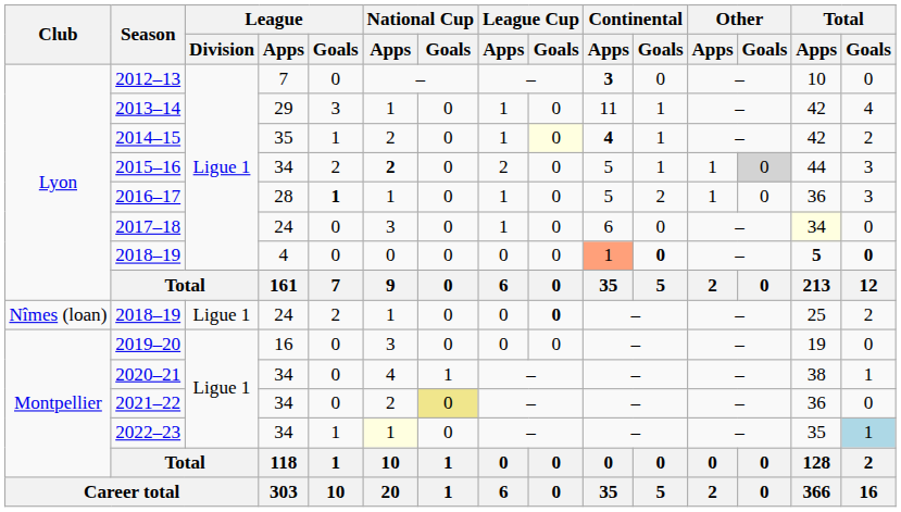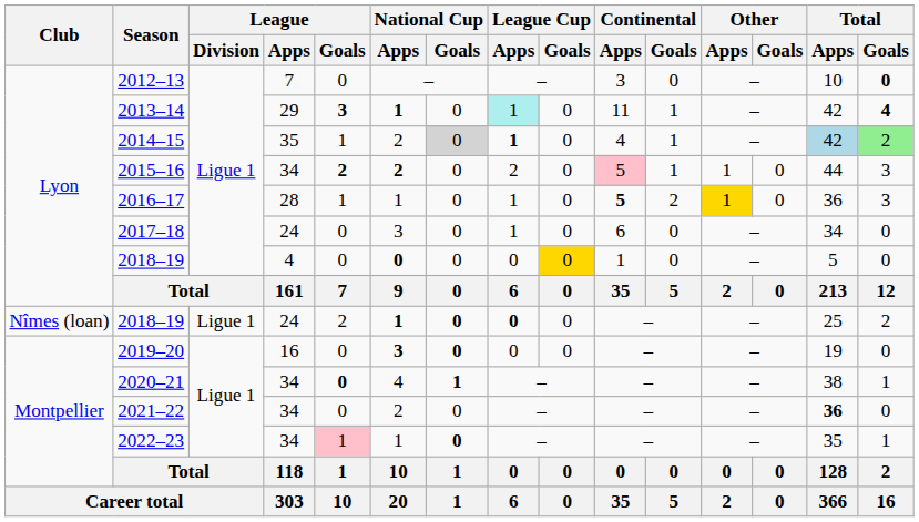 <table class="wikitable" style="text-align:center">
 <tr>
 <th rowspan="2">Club</th>
 <th rowspan="2">Season</th>
 <th colspan="3">League</th>
 <th colspan="2">National Cup</th>
 <th colspan="2">League Cup</th>
 <th colspan="2">Continental</th>
 <th colspan="2">Other</th>
 <th colspan="2">Total</th>
 </tr>
 <tr>
 <th>Division</th>
 <th>Apps</th>
 <th>Goals</th>
 <th>Apps</th>
 <th>Goals</th>
 <th>Apps</th>
 <th>Goals</th>
 <th>Apps</th>
 <th>Goals</th>
 <th>Apps</th>
 <th>Goals</th>
 <th>Apps</th>
 <th>Goals</th>
 </tr>
 <tr>
 <td rowspan="8"><a href='#'>Lyon</a></td>
 <td><a href='#'>2012–13</a></td>
 <td rowspan="7"><a href='#'>Ligue 1</a></td>
 <td>7</td>
 <td>0</td>
 <td colspan="2">–</td>
 <td colspan="2">–</td>
-<td><strong>3</strong></td>
+<td>3</td>
 <td>0</td>
 <td colspan="2">–</td>
 <td>10</td>
-<td>0</td>
+<td><strong>0</strong></td>
 </tr>
 <tr>
 <td><a href='#'>2013–14</a></td>
 <td>29</td>
-<td>3</td>
-<td>1</td>
+<td><strong>3</strong></td>
+<td><strong>1</strong></td>
 <td>0</td>
-<td>1</td>
+<td style="background: paleturquoise;">1</td>
 <td>0</td>
 <td>11</td>
 <td>1</td>
 <td colspan="2">–</td>
 <td>42</td>
-<td>4</td>
+<td><strong>4</strong></td>
 </tr>
 <tr>
 <td><a href='#'>2014–15</a></td>
 <td>35</td>
 <td>1</td>
 <td>2</td>
+<td style="background: lightgrey;">0</td>
+<td><strong>1</strong></td>
 <td>0</td>
-<td>1</td>
-<td style="background: lightyellow;">0</td>
-<td><strong>4</strong></td>
+<td>4</td>
 <td>1</td>
 <td colspan="2">–</td>
-<td>42</td>
-<td>2</td>
+<td style="background: lightblue;">42</td>
+<td style="background: lightgreen;">2</td>
 </tr>
 <tr>
 <td><a href='#'>2015–16</a></td>
 <td>34</td>
-<td>2</td>
+<td><strong>2</strong></td>
 <td><strong>2</strong></td>
 <td>0</td>
 <td>2</td>
 <td>0</td>
-<td>5</td>
+<td style="background: pink;">5</td>
 <td>1</td>
 <td>1</td>
-<td style="background: lightgrey;">0</td>
+<td>0</td>
 <td>44</td>
 <td>3</td>
 </tr>
 <tr>
 <td><a href='#'>2016–17</a></td>
 <td>28</td>
-<td><strong>1</strong></td>
+<td>1</td>
 <td>1</td>
 <td>0</td>
 <td>1</td>
 <td>0</td>
-<td>5</td>
+<td><strong>5</strong></td>
 <td>2</td>
-<td>1</td>
+<td style="background: gold;">1</td>
 <td>0</td>
 <td>36</td>
 <td>3</td>
 </tr>
 <tr>
 <td><a href='#'>2017–18</a></td>
 <td>24</td>
 <td>0</td>
 <td>3</td>
 <td>0</td>
 <td>1</td>
 <td>0</td>
 <td>6</td>
 <td>0</td>
 <td colspan="2">–</td>
-<td style="background: lightyellow;">34</td>
+<td>34</td>
 <td>0</td>
 </tr>
 <tr>
 <td><a href='#'>2018–19</a></td>
 <td>4</td>
 <td>0</td>
+<td><strong>0</strong></td>
 <td>0</td>
 <td>0</td>
+<td style="background: gold;">0</td>
+<td>1</td>
 <td>0</td>
+<td colspan="2">–</td>
+<td>5</td>
 <td>0</td>
-<td style="background: lightsalmon;">1</td>
-<td><strong>0</strong></td>
-<td colspan="2">–</td>
-<td><strong>5</strong></td>
-<td><strong>0</strong></td>
 </tr>
 <tr>
 <th colspan="2">Total</th>
 <th>161</th>
 <th>7</th>
 <th>9</th>
 <th>0</th>
 <th>6</th>
 <th>0</th>
 <th>35</th>
 <th>5</th>
 <th>2</th>
 <th>0</th>
 <th>213</th>
 <th>12</th>
 </tr>
 <tr>
 <td><a href='#'>Nîmes</a> (loan)</td>
 <td><a href='#'>2018–19</a></td>
 <td>Ligue 1</td>
 <td>24</td>
 <td>2</td>
-<td>1</td>
+<td><strong>1</strong></td>
+<td><strong>0</strong></td>
+<td><strong>0</strong></td>
 <td>0</td>
-<td>0</td>
-<td><strong>0</strong></td>
 <td colspan="2">–</td>
 <td colspan="2">–</td>
 <td>25</td>
 <td>2</td>
 </tr>
 <tr>
 <td rowspan="5"><a href='#'>Montpellier</a></td>
 <td><a href='#'>2019–20</a></td>
 <td rowspan="4">Ligue 1</td>
 <td>16</td>
 <td>0</td>
-<td>3</td>
-<td>0</td>
+<td><strong>3</strong></td>
+<td><strong>0</strong></td>
 <td>0</td>
 <td>0</td>
 <td colspan="2">–</td>
 <td colspan="2">–</td>
 <td>19</td>
 <td>0</td>
 </tr>
 <tr>
 <td><a href='#'>2020–21</a></td>
 <td>34</td>
-<td>0</td>
+<td><strong>0</strong></td>
 <td>4</td>
-<td>1</td>
+<td><strong>1</strong></td>
 <td colspan="2">–</td>
 <td colspan="2">–</td>
 <td colspan="2">–</td>
 <td>38</td>
 <td>1</td>
 </tr>
 <tr>
 <td><a href='#'>2021–22</a></td>
 <td>34</td>
 <td>0</td>
 <td>2</td>
-<td style="background: khaki;">0</td>
+<td>0</td>
 <td colspan="2">–</td>
 <td colspan="2">–</td>
 <td colspan="2">–</td>
-<td>36</td>
+<td><strong>36</strong></td>
 <td>0</td>
 </tr>
 <tr>
 <td><a href='#'>2022–23</a></td>
 <td>34</td>
+<td style="background: pink;">1</td>
 <td>1</td>
-<td style="background: lightyellow;">1</td>
-<td>0</td>
+<td><strong>0</strong></td>
 <td colspan="2">–</td>
 <td colspan="2">–</td>
 <td colspan="2">–</td>
 <td>35</td>
-<td style="background: lightblue;">1</td>
+<td>1</td>
 </tr>
 <tr>
 <th colspan="2">Total</th>
 <th>118</th>
 <th>1</th>
 <th>10</th>
 <th>1</th>
 <th>0</th>
 <th>0</th>
 <th>0</th>
 <th>0</th>
 <th>0</th>
 <th>0</th>
 <th>128</th>
 <th>2</th>
 </tr>
 <tr>
 <th colspan="3">Career total</th>
 <th>303</th>
 <th>10</th>
 <th>20</th>
 <th>1</th>
 <th>6</th>
 <th>0</th>
 <th>35</th>
 <th>5</th>
 <th>2</th>
 <th>0</th>
 <th>366</th>
 <th>16</th>
 </tr>
 </table>
